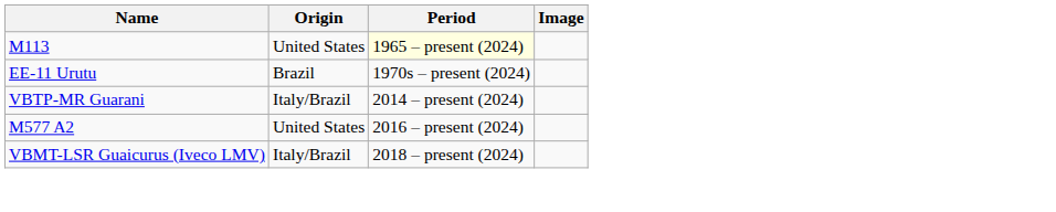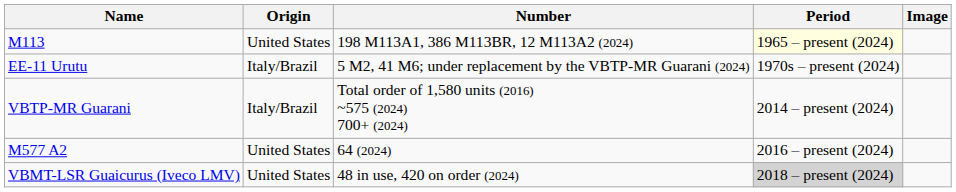 <table class="wikitable mw-collapsible mw-collapsed">
 <tr>
 <th>Name</th>
 <th>Origin</th>
+<th>Number</th>
 <th>Period</th>
 <th>Image</th>
 </tr>
 <tr>
 <td><a href='#'>M113</a></td>
 <td>United States</td>
+<td>198 M113A1, 386 M113BR, 12 M113A2 <small>(2024)</small></td>
 <td style="background: lightyellow;">1965 – present (2024)</td>
 <td></td>
 </tr>
 <tr>
 <td><a href='#'>EE-11 Urutu</a></td>
-<td>Brazil</td>
+<td>Italy/Brazil</td>
+<td>5 M2, 41 M6; under replacement by the VBTP-MR Guarani <small>(2024)</small></td>
 <td>1970s – present (2024)</td>
 <td></td>
 </tr>
 <tr>
 <td><a href='#'>VBTP-MR Guarani</a></td>
 <td>Italy/Brazil</td>
+<td>Total order of 1,580 units <small>(2016)</small><br>~575 <small>(2024)</small><br> 700+ <small>(2024)</small></td>
 <td>2014 – present (2024)</td>
 <td></td>
 </tr>
 <tr>
 <td><a href='#'>M577 A2</a></td>
 <td>United States</td>
+<td>64 <small>(2024)</small></td>
 <td>2016 – present (2024)</td>
 <td></td>
 </tr>
 <tr>
 <td><a href='#'>VBMT-LSR Guaicurus (Iveco LMV)</a></td>
-<td>Italy/Brazil</td>
-<td>2018 – present (2024)</td>
+<td>United States</td>
+<td>48 in use, 420 on order <small>(2024)</small></td>
+<td style="background: lightgrey;">2018 – present (2024)</td>
 <td></td>
 </tr>
 </table>
